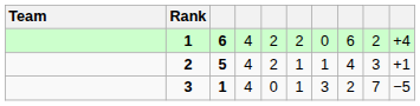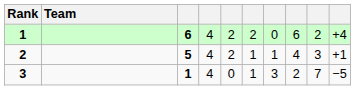 <table class="wikitable" style="text-align: center;">
 <tr>
+<th width=30>Rank</th>
 <th style="width:165px; text-align:left;">Team</th>
-<th width=30>Rank</th>
 <th width=20></th>
 <th width=20></th>
 <th width=20></th>
 <th width=20></th>
 <th width=20></th>
 <th width=20></th>
 <th width=20></th>
 <th width=20></th>
 </tr>
 <tr style="background:#cfc;">
+<td><strong>1</strong></td>
 <td style="text-align:left;"></td>
-<td><strong>1</strong></td>
 <td><strong>6</strong></td>
 <td>4</td>
 <td>2</td>
 <td>2</td>
 <td>0</td>
 <td>6</td>
 <td>2</td>
 <td>+4</td>
 </tr>
 <tr>
+<td><strong>2</strong></td>
 <td style="text-align:left;"></td>
-<td><strong>2</strong></td>
 <td><strong>5</strong></td>
 <td>4</td>
 <td>2</td>
 <td>1</td>
 <td>1</td>
 <td>4</td>
 <td>3</td>
 <td>+1</td>
 </tr>
 <tr>
+<td><strong>3</strong></td>
 <td style="text-align:left;"></td>
-<td><strong>3</strong></td>
 <td><strong>1</strong></td>
 <td>4</td>
 <td>0</td>
 <td>1</td>
 <td>3</td>
 <td>2</td>
 <td>7</td>
 <td>−5</td>
 </tr>
 </table>
